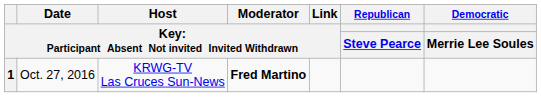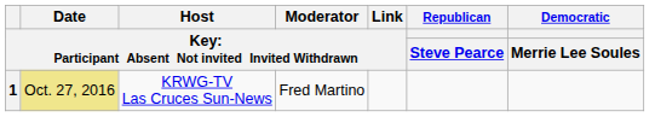 <table class="wikitable" style="text-align:center;">
 <tr>
 <th scope="col"></th>
 <th scope="col">Date</th>
 <th scope="col">Host</th>
 <th scope="col">Moderator</th>
 <th scope="col">Link</th>
 <th scope="col"><small><a href='#'>Republican</a></small></th>
 <th scope="col"><small><a href='#'>Democratic</a></small></th>
 </tr>
 <tr>
 <th colspan="5" rowspan="2">Key:<br> <small>Participant </small>  <small>Absent </small>  <small>Not invited </small>  <small>Invited  Withdrawn</small></th>
 <th scope="col" style="background:"></th>
 <th scope="col" style="background:"></th>
 </tr>
 <tr>
 <th scope="col"><a href='#'>Steve Pearce</a></th>
 <th scope="col">Merrie Lee Soules</th>
 </tr>
 <tr>
 <th>1</th>
-<td style="white-space:nowrap;">Oct. 27, 2016</td>
+<td style="background: khaki; white-space:nowrap;">Oct. 27, 2016</td>
 <td style="white-space:nowrap;"><a href='#'>KRWG-TV</a><br><a href='#'>Las Cruces Sun-News</a></td>
-<td style="white-space:nowrap;"><strong>Fred Martino</strong></td>
+<td style="white-space:nowrap;">Fred Martino</td>
 <td style="white-space:nowrap;"></td>
 <td></td>
 <td></td>
 </tr>
 </table>
